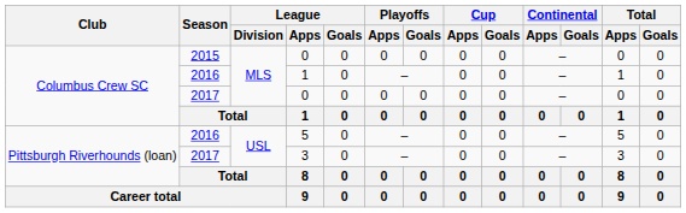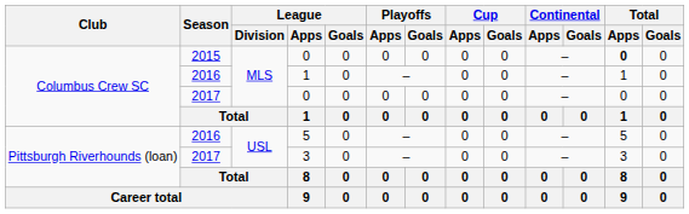 <table class="wikitable" style="text-align: center;">
 <tr>
 <th rowspan=2>Club</th>
 <th rowspan=2>Season</th>
 <th colspan=3>League</th>
 <th colspan=2>Playoffs</th>
 <th colspan=2><a href='#'>Cup</a></th>
 <th colspan=2><a href='#'>Continental</a></th>
 <th colspan=2>Total</th>
 </tr>
 <tr>
 <th>Division</th>
 <th>Apps</th>
 <th>Goals</th>
 <th>Apps</th>
 <th>Goals</th>
 <th>Apps</th>
 <th>Goals</th>
 <th>Apps</th>
 <th>Goals</th>
 <th>Apps</th>
 <th>Goals</th>
 </tr>
 <tr>
 <td rowspan=4><a href='#'>Columbus Crew SC</a></td>
 <td><a href='#'>2015</a></td>
 <td rowspan=3><a href='#'>MLS</a></td>
 <td>0</td>
 <td>0</td>
 <td>0</td>
 <td>0</td>
 <td>0</td>
 <td>0</td>
 <td colspan=2>–</td>
-<td>0</td>
+<td><strong>0</strong></td>
 <td>0</td>
 </tr>
 <tr>
 <td><a href='#'>2016</a></td>
 <td>1</td>
 <td>0</td>
 <td colspan=2>–</td>
 <td>0</td>
 <td>0</td>
 <td colspan=2>–</td>
 <td>1</td>
 <td>0</td>
 </tr>
 <tr>
 <td><a href='#'>2017</a></td>
 <td>0</td>
 <td>0</td>
 <td>0</td>
 <td>0</td>
 <td>0</td>
 <td>0</td>
 <td colspan=2>–</td>
 <td>0</td>
 <td>0</td>
 </tr>
 <tr>
 <th colspan=2>Total</th>
 <th>1</th>
 <th>0</th>
 <th>0</th>
 <th>0</th>
 <th>0</th>
 <th>0</th>
 <th>0</th>
 <th>0</th>
 <th>1</th>
 <th>0</th>
 </tr>
 <tr>
 <td rowspan=3><a href='#'>Pittsburgh Riverhounds</a> (loan)</td>
 <td><a href='#'>2016</a></td>
 <td rowspan=2><a href='#'>USL</a></td>
 <td>5</td>
 <td>0</td>
 <td colspan=2>–</td>
 <td>0</td>
 <td>0</td>
 <td colspan=2>–</td>
 <td>5</td>
 <td>0</td>
 </tr>
 <tr>
 <td><a href='#'>2017</a></td>
 <td>3</td>
 <td>0</td>
 <td colspan=2>–</td>
 <td>0</td>
 <td>0</td>
 <td colspan=2>–</td>
 <td>3</td>
 <td>0</td>
 </tr>
 <tr>
 <th colspan=2>Total</th>
 <th>8</th>
 <th>0</th>
 <th>0</th>
 <th>0</th>
 <th>0</th>
 <th>0</th>
 <th>0</th>
 <th>0</th>
 <th>8</th>
 <th>0</th>
 </tr>
 <tr>
 <th colspan=3>Career total</th>
 <th>9</th>
 <th>0</th>
 <th>0</th>
 <th>0</th>
 <th>0</th>
 <th>0</th>
 <th>0</th>
 <th>0</th>
 <th>9</th>
 <th>0</th>
 </tr>
 </table>
